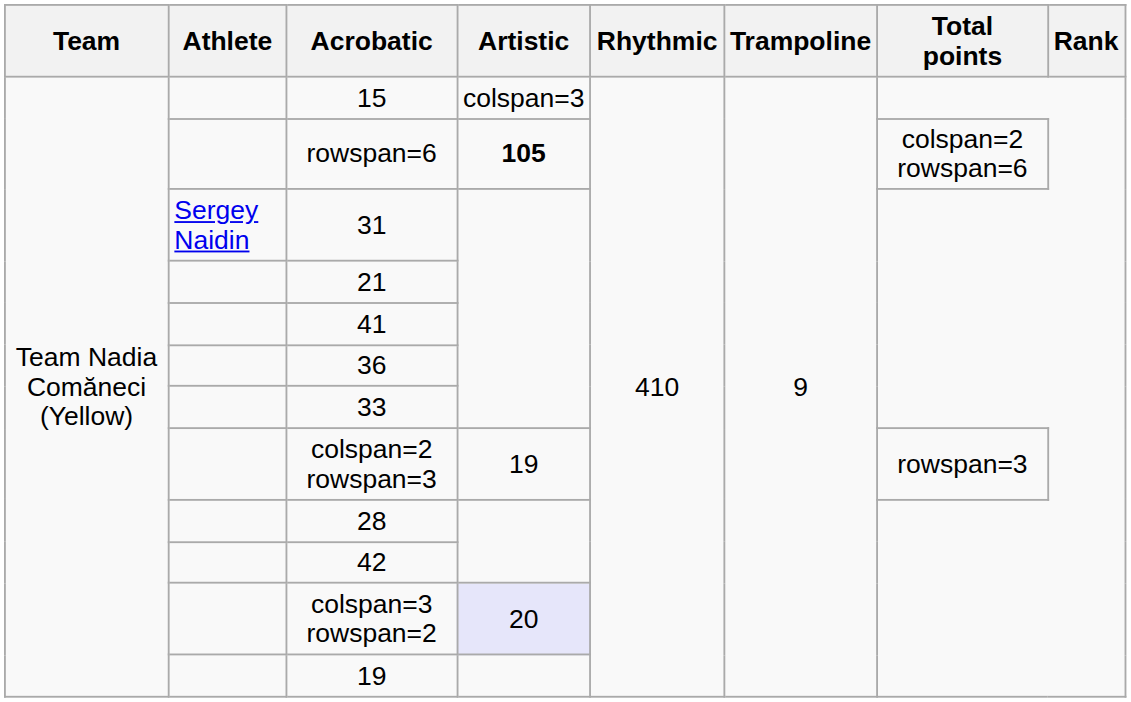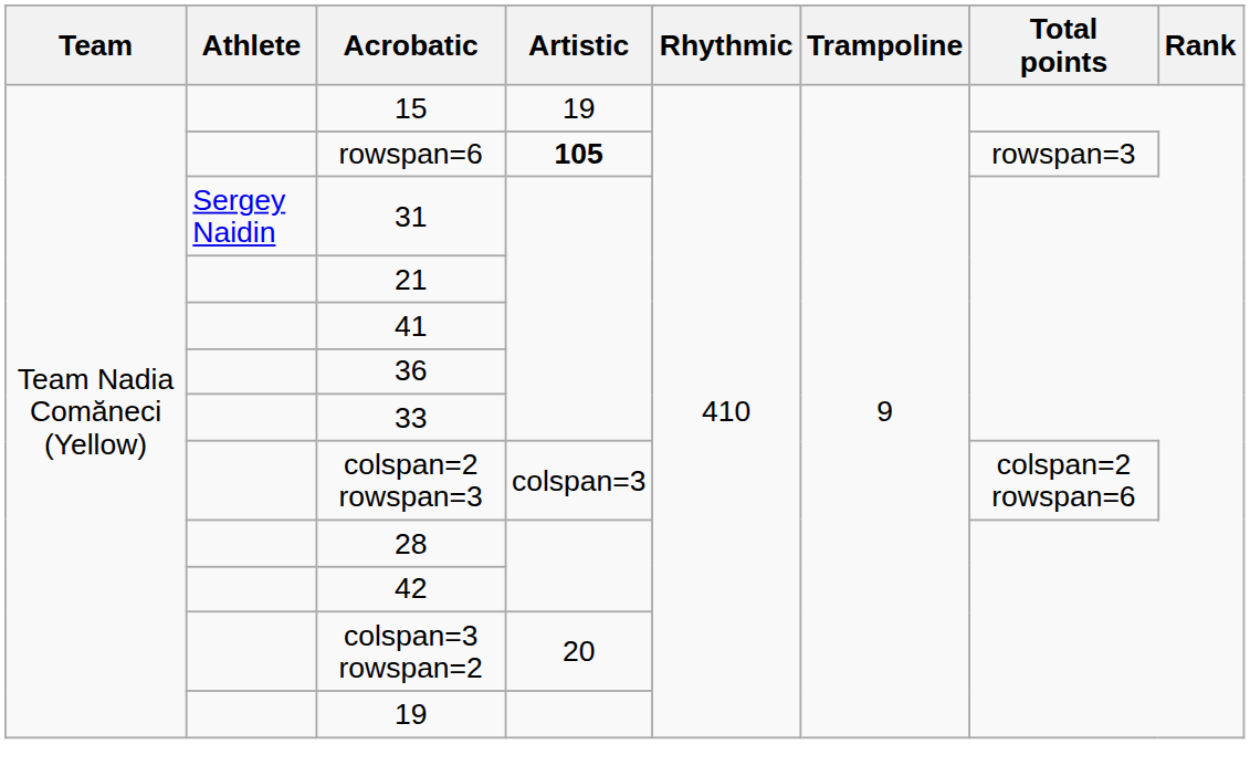 <table class="wikitable" style="text-align:center;font-size:90%">
 <tr>
 <th>Team</th>
 <th>Athlete</th>
 <th>Acrobatic</th>
 <th>Artistic</th>
 <th>Rhythmic</th>
 <th>Trampoline</th>
 <th>Total<br>points</th>
 <th>Rank</th>
 </tr>
 <tr>
 <td rowspan=12>Team Nadia Comăneci<br>(Yellow)</td>
 <td align=left><br></td>
 <td>15</td>
-<td>colspan=3 </td>
+<td>19</td>
 <td rowspan=12>410</td>
 <td rowspan=12>9</td>
 </tr>
 <tr>
 <td align=left></td>
 <td>rowspan=6 </td>
 <td><strong>105</strong></td>
-<td>colspan=2 rowspan=6 </td>
+<td>rowspan=3 </td>
 </tr>
 <tr>
 <td align=left><a href='#'>Sergey Naidin</a></td>
 <td>31</td>
 </tr>
 <tr>
 <td align=left></td>
 <td>21</td>
 </tr>
 <tr>
 <td align=left></td>
 <td>41</td>
 </tr>
 <tr>
 <td align=left></td>
 <td>36</td>
 </tr>
 <tr>
 <td align=left></td>
 <td>33</td>
 </tr>
 <tr>
 <td align=left></td>
 <td>colspan=2 rowspan=3 </td>
-<td>19</td>
-<td>rowspan=3 </td>
+<td>colspan=3 </td>
+<td>colspan=2 rowspan=6 </td>
 </tr>
 <tr>
 <td align=left></td>
 <td>28</td>
 </tr>
 <tr>
 <td align=left></td>
 <td>42</td>
 </tr>
 <tr>
 <td align=left></td>
 <td>colspan=3 rowspan=2 </td>
-<td style="background: lavender;">20</td>
+<td>20</td>
 </tr>
 <tr>
 <td align=left></td>
 <td>19</td>
 </tr>
 </table>
